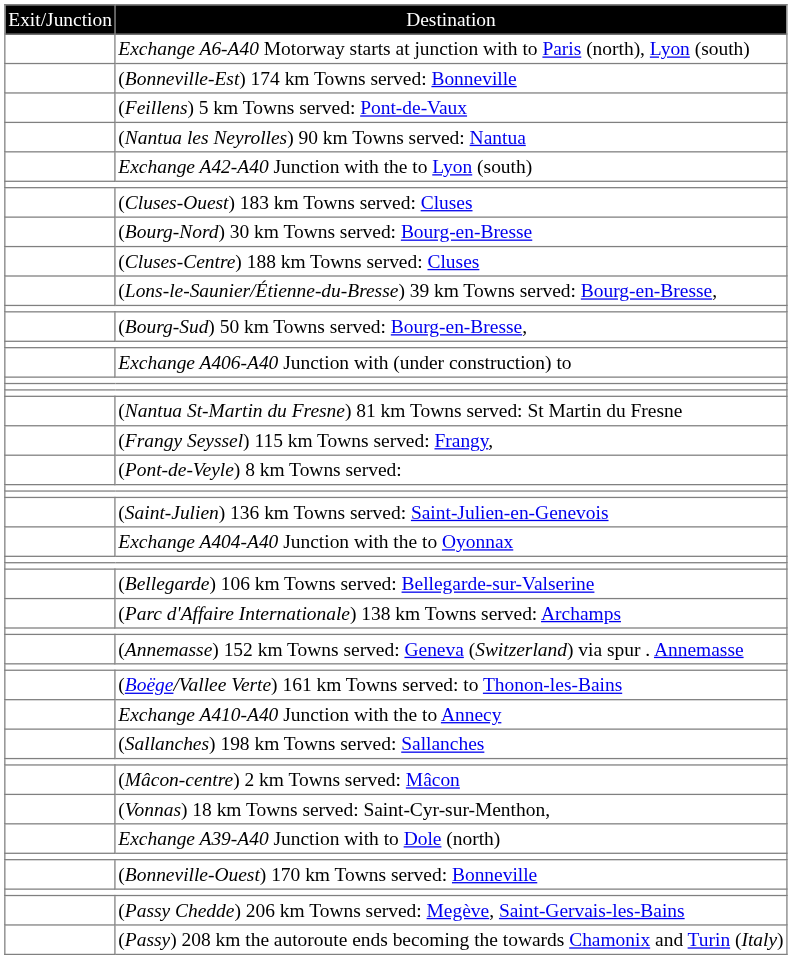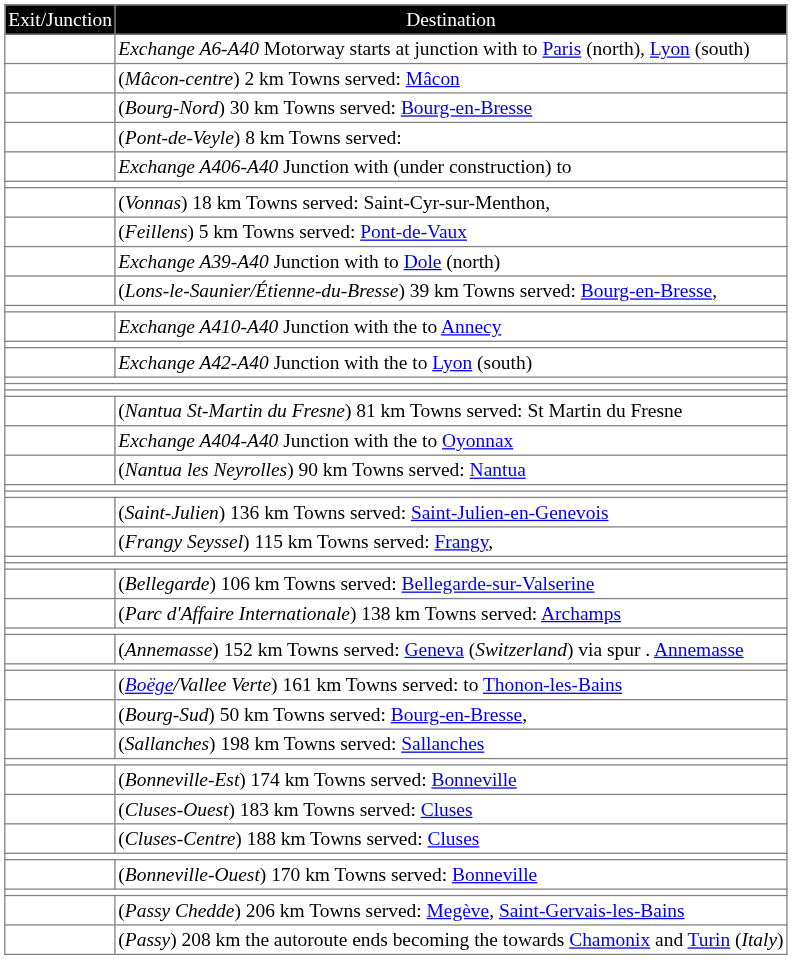 <table border=1 cellpadding=2 style="margin-left:1em; margin-bottom: 1em; color: black; border-collapse: collapse; font-size: 95%;">
 <tr align="center" bgcolor="000000" style="color: white">
 <td>Exit/Junction</td>
 <td>Destination</td>
 </tr>
 <tr>
 <td> </td>
 <td><em>Exchange A6-A40</em> Motorway starts at junction with <em></em> to <a href='#'>Paris</a> (north), <a href='#'>Lyon</a> (south)</td>
 </tr>
 <tr>
 <td></td>
-<td>(<em>Bonneville-Est</em>) 174 km Towns served: <a href='#'>Bonneville</a></td>
+<td>(<em>Mâcon-centre</em>) 2 km Towns served: <a href='#'>Mâcon</a></td>
+</tr>
+<tr>
+<td></td>
+<td>(<em>Bourg-Nord</em>) 30 km Towns served: <a href='#'>Bourg-en-Bresse</a></td>
+</tr>
+<tr>
+<td></td>
+<td>(<em>Pont-de-Veyle</em>) 8 km Towns served:</td>
+</tr>
+<tr>
+<td></td>
+<td><em>Exchange A406-A40</em> Junction with <em></em> (under construction) to</td>
+</tr>
+<tr>
+<td colspan="2"></td>
+</tr>
+<tr>
+<td></td>
+<td>(<em>Vonnas</em>) 18 km Towns served: Saint-Cyr-sur-Menthon, <em></em></td>
 </tr>
 <tr>
 <td></td>
 <td>(<em>Feillens</em>) 5 km Towns served: <a href='#'>Pont-de-Vaux</a></td>
 </tr>
 <tr>
 <td></td>
-<td>(<em>Nantua les Neyrolles</em>) 90 km Towns served: <a href='#'>Nantua</a></td>
-</tr>
-<tr>
-<td></td>
-<td><em>Exchange A42-A40</em> Junction with the <em></em> to <a href='#'>Lyon</a> (south)</td>
-</tr>
-<tr>
-<td colspan="2"></td>
-</tr>
-<tr>
-<td></td>
-<td>(<em>Cluses-Ouest</em>) 183 km Towns served: <a href='#'>Cluses</a></td>
-</tr>
-<tr>
-<td></td>
-<td>(<em>Bourg-Nord</em>) 30 km Towns served: <a href='#'>Bourg-en-Bresse</a></td>
-</tr>
-<tr>
-<td></td>
-<td>(<em>Cluses-Centre</em>) 188 km Towns served: <a href='#'>Cluses</a></td>
+<td><em>Exchange A39-A40</em> Junction with <em></em> to <a href='#'>Dole</a> (north)</td>
 </tr>
 <tr>
 <td></td>
 <td>(<em>Lons-le-Saunier/Étienne-du-Bresse</em>) 39 km Towns served: <a href='#'>Bourg-en-Bresse</a>, <em></em></td>
 </tr>
 <tr>
 <td colspan="2"></td>
 </tr>
 <tr>
 <td></td>
-<td>(<em>Bourg-Sud</em>) 50 km Towns served: <a href='#'>Bourg-en-Bresse</a>, <em></em></td>
+<td><em>Exchange A410-A40</em> Junction with the <em></em> to <a href='#'>Annecy</a></td>
 </tr>
 <tr>
 <td colspan="2"></td>
 </tr>
 <tr>
 <td></td>
-<td><em>Exchange A406-A40</em> Junction with <em></em> (under construction) to</td>
+<td><em>Exchange A42-A40</em> Junction with the <em></em> to <a href='#'>Lyon</a> (south)</td>
 </tr>
 <tr>
 <td colspan="2"></td>
 </tr>
 <tr>
 <td colspan="2"></td>
 </tr>
 <tr>
 <td colspan="2"></td>
 </tr>
 <tr>
 <td></td>
 <td>(<em>Nantua St-Martin du Fresne</em>) 81 km Towns served: St Martin du Fresne</td>
 </tr>
 <tr>
 <td></td>
-<td>(<em>Frangy Seyssel</em>) 115 km Towns served: <a href='#'>Frangy</a>, <em></em></td>
+<td><em>Exchange A404-A40</em> Junction with the <em></em> to <a href='#'>Oyonnax</a></td>
 </tr>
 <tr>
 <td></td>
-<td>(<em>Pont-de-Veyle</em>) 8 km Towns served:</td>
+<td>(<em>Nantua les Neyrolles</em>) 90 km Towns served: <a href='#'>Nantua</a></td>
 </tr>
 <tr>
 <td colspan="2"></td>
 </tr>
 <tr>
 <td colspan="2"></td>
 </tr>
 <tr>
 <td></td>
 <td>(<em>Saint-Julien</em>) 136 km Towns served: <a href='#'>Saint-Julien-en-Genevois</a></td>
 </tr>
 <tr>
 <td></td>
-<td><em>Exchange A404-A40</em> Junction with the <em></em> to <a href='#'>Oyonnax</a></td>
+<td>(<em>Frangy Seyssel</em>) 115 km Towns served: <a href='#'>Frangy</a>, <em></em></td>
 </tr>
 <tr>
 <td colspan="2"></td>
 </tr>
 <tr>
 <td colspan="2"></td>
 </tr>
 <tr>
 <td></td>
 <td>(<em>Bellegarde</em>) 106 km Towns served: <a href='#'>Bellegarde-sur-Valserine</a></td>
 </tr>
 <tr>
 <td></td>
 <td>(<em>Parc d'Affaire Internationale</em>) 138 km Towns served: <a href='#'>Archamps</a></td>
 </tr>
 <tr>
 <td colspan="2"></td>
 </tr>
 <tr>
 <td></td>
 <td>(<em>Annemasse</em>) 152 km Towns served: <a href='#'>Geneva</a> (<em>Switzerland</em>) via spur <em></em>. <a href='#'>Annemasse</a></td>
 </tr>
 <tr>
 <td colspan="2"></td>
 </tr>
 <tr>
 <td></td>
 <td>(<em><a href='#'>Boëge</a>/Vallee Verte</em>) 161 km Towns served: <em></em> to <a href='#'>Thonon-les-Bains</a></td>
 </tr>
 <tr>
 <td></td>
-<td><em>Exchange A410-A40</em> Junction with the <em></em> to <a href='#'>Annecy</a></td>
+<td>(<em>Bourg-Sud</em>) 50 km Towns served: <a href='#'>Bourg-en-Bresse</a>, <em></em></td>
 </tr>
 <tr>
 <td></td>
 <td>(<em>Sallanches</em>) 198 km Towns served: <a href='#'>Sallanches</a></td>
 </tr>
 <tr>
 <td colspan="2"></td>
 </tr>
 <tr>
 <td></td>
-<td>(<em>Mâcon-centre</em>) 2 km Towns served: <a href='#'>Mâcon</a></td>
+<td>(<em>Bonneville-Est</em>) 174 km Towns served: <a href='#'>Bonneville</a></td>
 </tr>
 <tr>
 <td></td>
-<td>(<em>Vonnas</em>) 18 km Towns served: Saint-Cyr-sur-Menthon, <em></em></td>
+<td>(<em>Cluses-Ouest</em>) 183 km Towns served: <a href='#'>Cluses</a></td>
 </tr>
 <tr>
 <td></td>
-<td><em>Exchange A39-A40</em> Junction with <em></em> to <a href='#'>Dole</a> (north)</td>
+<td>(<em>Cluses-Centre</em>) 188 km Towns served: <a href='#'>Cluses</a></td>
 </tr>
 <tr>
 <td colspan="2"></td>
 </tr>
 <tr>
 <td></td>
 <td>(<em>Bonneville-Ouest</em>) 170 km Towns served: <a href='#'>Bonneville</a></td>
 </tr>
 <tr>
 <td colspan="2"></td>
 </tr>
 <tr>
 <td></td>
 <td>(<em>Passy Chedde</em>) 206 km Towns served: <a href='#'>Megève</a>, <a href='#'>Saint-Gervais-les-Bains</a></td>
 </tr>
 <tr>
 <td></td>
 <td>(<em>Passy</em>) 208 km the autoroute ends becoming the <em></em> towards <a href='#'>Chamonix</a> and <a href='#'>Turin</a> (<em>Italy</em>)</td>
 </tr>
 </table>
